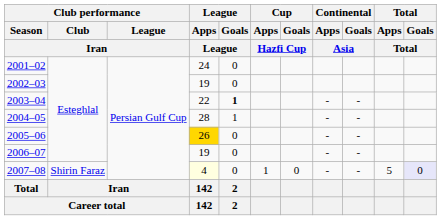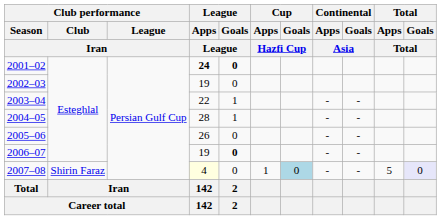 <table class="wikitable" style="text-align:center">
 <tr>
 <th colspan=3>Club performance</th>
 <th colspan=2>League</th>
 <th colspan=2>Cup</th>
 <th colspan=2>Continental</th>
 <th colspan=2>Total</th>
 </tr>
 <tr>
 <th>Season</th>
 <th>Club</th>
 <th>League</th>
 <th>Apps</th>
 <th>Goals</th>
 <th>Apps</th>
 <th>Goals</th>
 <th>Apps</th>
 <th>Goals</th>
 <th>Apps</th>
 <th>Goals</th>
 </tr>
 <tr>
 <th colspan=3>Iran</th>
 <th colspan=2>League</th>
 <th colspan=2><a href='#'>Hazfi Cup</a></th>
 <th colspan=2><a href='#'>Asia</a></th>
 <th colspan=2>Total</th>
 </tr>
 <tr>
 <td><a href='#'>2001–02</a></td>
 <td rowspan="6"><a href='#'>Esteghlal</a></td>
 <td rowspan="7"><a href='#'>Persian Gulf Cup</a></td>
-<td>24</td>
-<td>0</td>
+<td><strong>24</strong></td>
+<td><strong>0</strong></td>
 <td></td>
 <td></td>
 <td></td>
 <td></td>
 <td></td>
 <td></td>
 </tr>
 <tr>
 <td><a href='#'>2002–03</a></td>
 <td>19</td>
 <td>0</td>
 <td></td>
 <td></td>
 <td></td>
 <td></td>
 <td></td>
 <td></td>
 </tr>
 <tr>
 <td><a href='#'>2003–04</a></td>
 <td>22</td>
-<td><strong>1</strong></td>
+<td>1</td>
 <td></td>
 <td></td>
 <td>-</td>
 <td>-</td>
 <td></td>
 <td></td>
 </tr>
 <tr>
 <td><a href='#'>2004–05</a></td>
 <td>28</td>
 <td>1</td>
 <td></td>
 <td></td>
 <td>-</td>
 <td>-</td>
 <td></td>
 <td></td>
 </tr>
 <tr>
 <td><a href='#'>2005–06</a></td>
-<td style="background: gold;">26</td>
+<td>26</td>
 <td>0</td>
 <td></td>
 <td></td>
 <td>-</td>
 <td>-</td>
 <td></td>
 <td></td>
 </tr>
 <tr>
 <td><a href='#'>2006–07</a></td>
 <td>19</td>
-<td>0</td>
+<td><strong>0</strong></td>
 <td></td>
 <td></td>
 <td>-</td>
 <td>-</td>
 <td></td>
 <td></td>
 </tr>
 <tr>
 <td><a href='#'>2007–08</a></td>
 <td rowspan="1"><a href='#'>Shirin Faraz</a></td>
 <td style="background: lightyellow;">4</td>
 <td>0</td>
 <td>1</td>
-<td>0</td>
+<td style="background: lightblue;">0</td>
 <td>-</td>
 <td>-</td>
 <td>5</td>
 <td style="background: lavender;">0</td>
 </tr>
 <tr>
 <th rowspan=1>Total</th>
 <th colspan=2>Iran</th>
 <th>142</th>
 <th>2</th>
 <th></th>
 <th></th>
 <th></th>
 <th></th>
 <th></th>
 <th></th>
 </tr>
 <tr>
 <th colspan=3>Career total</th>
 <th>142</th>
 <th>2</th>
 <th></th>
 <th></th>
 <th></th>
 <th></th>
 <th></th>
 <th></th>
 </tr>
 </table>
